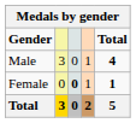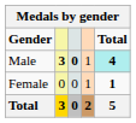 <table class="wikitable" style="text-align:center;font-size:90%">
 <tr style="background:#efefef;">
 <th colspan=7>Medals by gender</th>
 </tr>
 <tr>
 <td><strong>Gender</strong></td>
 <td bgcolor=#f7f6a8></td>
 <td bgcolor=#dce5e5></td>
 <td bgcolor=#ffdab9></td>
 <td><strong>Total</strong></td>
 </tr>
 <tr>
 <td style="text-align:left;">Male</td>
-<td style="background:#F7F6A8;">3</td>
-<td style="background:#DCE5E5;">0</td>
+<td style="background:#F7F6A8;"><strong>3</strong></td>
+<td style="background:#DCE5E5;"><strong>0</strong></td>
 <td style="background:#FFDAB9;">1</td>
-<td><strong>4</strong></td>
+<td style="background: paleturquoise;"><strong>4</strong></td>
 </tr>
 <tr>
 <td style="text-align:left;">Female</td>
 <td style="background:#F7F6A8;">0</td>
-<td style="background:#DCE5E5;"><strong>0</strong></td>
+<td style="background:#DCE5E5;">0</td>
 <td style="background:#FFDAB9;">1</td>
 <td><strong>1</strong></td>
 </tr>
 <tr>
 <th style="text-align:left;">Total</th>
 <th style="background:gold;">3</th>
 <th style="background:silver;">0</th>
 <th style="background:#c96;">2</th>
 <th>5</th>
 </tr>
 </table>
